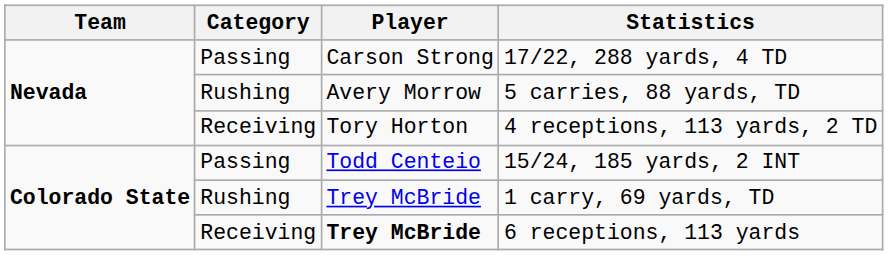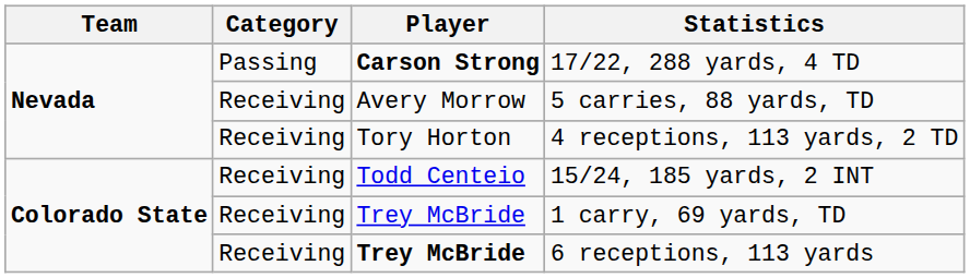 <table class="wikitable" style="float: left;">
 <tr>
 <th>Team</th>
 <th>Category</th>
 <th>Player</th>
 <th>Statistics</th>
 </tr>
 <tr>
 <td rowspan=3><strong>Nevada</strong></td>
 <td>Passing</td>
-<td>Carson Strong</td>
+<td><strong>Carson Strong</strong></td>
 <td>17/22, 288 yards, 4 TD</td>
 </tr>
 <tr>
-<td>Rushing</td>
+<td>Receiving</td>
 <td>Avery Morrow</td>
 <td>5 carries, 88 yards, TD</td>
 </tr>
 <tr>
 <td>Receiving</td>
 <td>Tory Horton</td>
 <td>4 receptions, 113 yards, 2 TD</td>
 </tr>
 <tr>
 <td rowspan=3><strong>Colorado State</strong></td>
-<td>Passing</td>
+<td>Receiving</td>
 <td><a href='#'>Todd Centeio</a></td>
 <td>15/24, 185 yards, 2 INT</td>
 </tr>
 <tr>
-<td>Rushing</td>
+<td>Receiving</td>
 <td><a href='#'>Trey McBride</a></td>
 <td>1 carry, 69 yards, TD</td>
 </tr>
 <tr>
 <td>Receiving</td>
 <td><strong>Trey McBride</strong></td>
 <td>6 receptions, 113 yards</td>
 </tr>
 </table>
